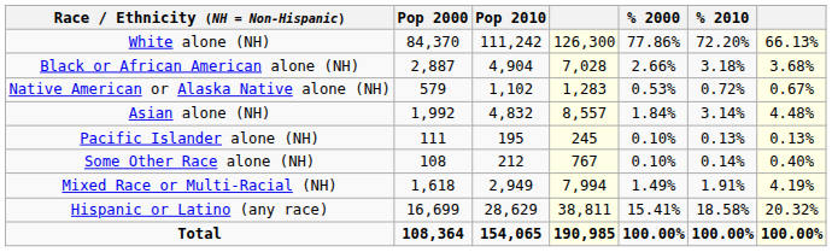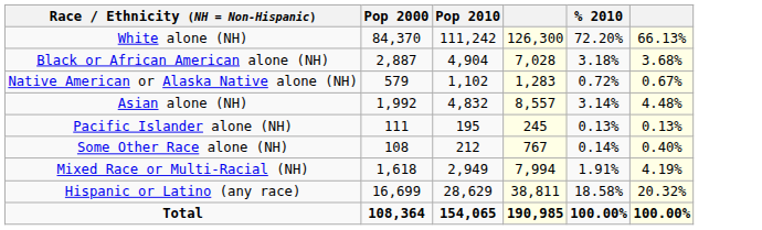 <table class="wikitable" style="text-align:center;">
 <tr>
 <th>Race / Ethnicity <small>(<em>NH = Non-Hispanic</em>)</small></th>
 <th>Pop 2000</th>
 <th>Pop 2010</th>
 <th></th>
-<th>% 2000</th>
 <th>% 2010</th>
 <th></th>
 </tr>
 <tr>
 <td><a href='#'>White</a> alone (NH)</td>
 <td>84,370</td>
 <td>111,242</td>
 <td style='background: #ffffe6;'>126,300</td>
-<td>77.86%</td>
 <td>72.20%</td>
 <td style='background: #ffffe6;'>66.13%</td>
 </tr>
 <tr>
 <td><a href='#'>Black or African American</a> alone (NH)</td>
 <td>2,887</td>
 <td>4,904</td>
 <td style='background: #ffffe6;'>7,028</td>
-<td>2.66%</td>
 <td>3.18%</td>
 <td style='background: #ffffe6;'>3.68%</td>
 </tr>
 <tr>
 <td><a href='#'>Native American</a> or <a href='#'>Alaska Native</a> alone (NH)</td>
 <td>579</td>
 <td>1,102</td>
 <td style='background: #ffffe6;'>1,283</td>
-<td>0.53%</td>
 <td>0.72%</td>
 <td style='background: #ffffe6;'>0.67%</td>
 </tr>
 <tr>
 <td><a href='#'>Asian</a> alone (NH)</td>
 <td>1,992</td>
 <td>4,832</td>
 <td style='background: #ffffe6;'>8,557</td>
-<td>1.84%</td>
 <td>3.14%</td>
 <td style='background: #ffffe6;'>4.48%</td>
 </tr>
 <tr>
 <td><a href='#'>Pacific Islander</a> alone (NH)</td>
 <td>111</td>
 <td>195</td>
 <td style='background: #ffffe6;'>245</td>
-<td>0.10%</td>
 <td>0.13%</td>
 <td style='background: #ffffe6;'>0.13%</td>
 </tr>
 <tr>
 <td><a href='#'>Some Other Race</a> alone (NH)</td>
 <td>108</td>
 <td>212</td>
 <td style='background: #ffffe6;'>767</td>
-<td>0.10%</td>
 <td>0.14%</td>
 <td style='background: #ffffe6;'>0.40%</td>
 </tr>
 <tr>
 <td><a href='#'>Mixed Race or Multi-Racial</a> (NH)</td>
 <td>1,618</td>
 <td>2,949</td>
 <td style='background: #ffffe6;'>7,994</td>
-<td>1.49%</td>
 <td>1.91%</td>
 <td style='background: #ffffe6;'>4.19%</td>
 </tr>
 <tr>
 <td><a href='#'>Hispanic or Latino</a> (any race)</td>
 <td>16,699</td>
 <td>28,629</td>
 <td style='background: #ffffe6;'>38,811</td>
-<td>15.41%</td>
 <td>18.58%</td>
 <td style='background: #ffffe6;'>20.32%</td>
 </tr>
 <tr>
 <td><strong>Total</strong></td>
 <td><strong>108,364</strong></td>
 <td><strong>154,065</strong></td>
 <td style='background: #ffffe6;'><strong>190,985</strong></td>
 <td><strong>100.00%</strong></td>
-<td><strong>100.00%</strong></td>
 <td style='background: #ffffe6;'><strong>100.00%</strong></td>
 </tr>
 </table>
